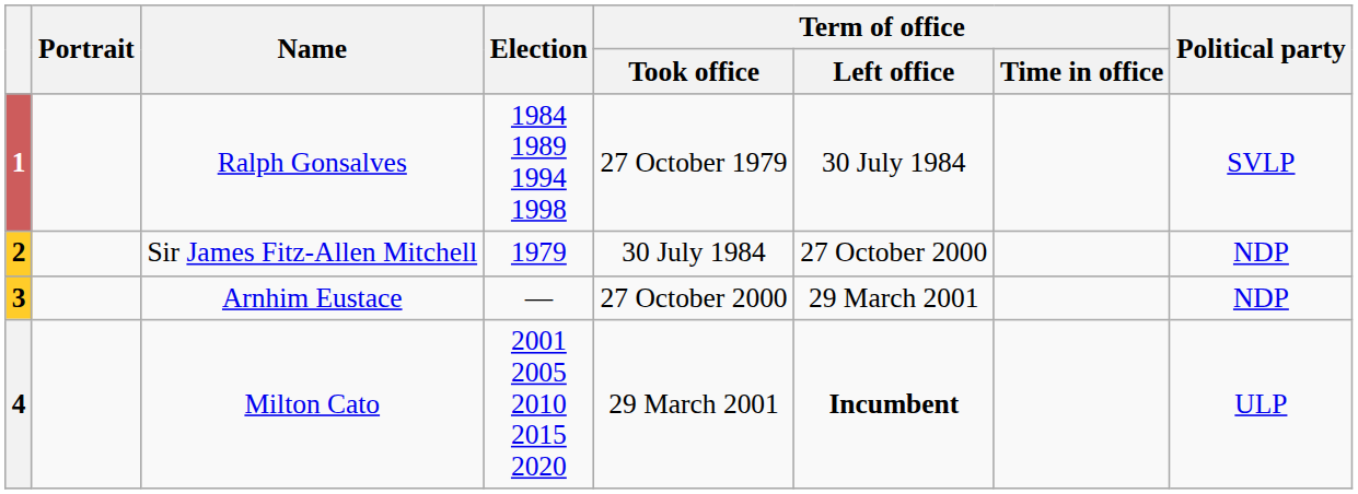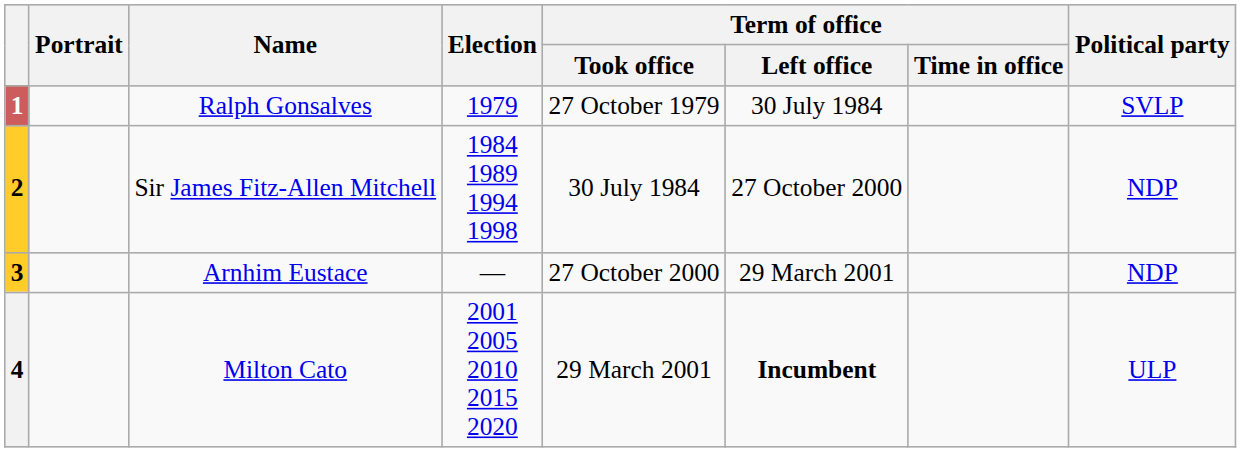 <table class=wikitable style=text-align:center>
 <tr>
 <th rowspan="2"></th>
 <th rowspan="2">Portrait</th>
 <th rowspan="2">Name<br></th>
 <th rowspan="2">Election</th>
 <th colspan="3">Term of office</th>
 <th rowspan="2">Political party</th>
 </tr>
 <tr>
 <th>Took office</th>
 <th>Left office</th>
 <th>Time in office</th>
 </tr>
 <tr>
 <th style="background:#CD5C5C; color:white;">1</th>
 <td></td>
 <td><a href='#'>Ralph Gonsalves</a><br></td>
-<td><a href='#'>1984</a><br><a href='#'>1989</a><br><a href='#'>1994</a><br><a href='#'>1998</a></td>
+<td><a href='#'>1979</a></td>
 <td>27 October 1979</td>
 <td>30 July 1984</td>
 <td></td>
 <td><a href='#'>SVLP</a></td>
 </tr>
 <tr>
 <th style="background:#FFCC29; color:black;">2</th>
 <td></td>
 <td>Sir <a href='#'>James Fitz-Allen Mitchell</a><br></td>
-<td><a href='#'>1979</a></td>
+<td><a href='#'>1984</a><br><a href='#'>1989</a><br><a href='#'>1994</a><br><a href='#'>1998</a></td>
 <td>30 July 1984</td>
 <td>27 October 2000</td>
 <td></td>
 <td><a href='#'>NDP</a></td>
 </tr>
 <tr>
 <th style="background:#FFCC29; color:black;">3</th>
 <td></td>
 <td><a href='#'>Arnhim Eustace</a><br></td>
 <td>—</td>
 <td>27 October 2000</td>
 <td>29 March 2001</td>
 <td></td>
 <td><a href='#'>NDP</a></td>
 </tr>
 <tr>
 <th style="background:">4</th>
 <td></td>
 <td><a href='#'>Milton Cato</a><br></td>
 <td><a href='#'>2001</a><br><a href='#'>2005</a><br><a href='#'>2010</a><br><a href='#'>2015</a><br><a href='#'>2020</a></td>
 <td>29 March 2001</td>
 <td><strong>Incumbent</strong></td>
 <td></td>
 <td><a href='#'>ULP</a></td>
 </tr>
 </table>
